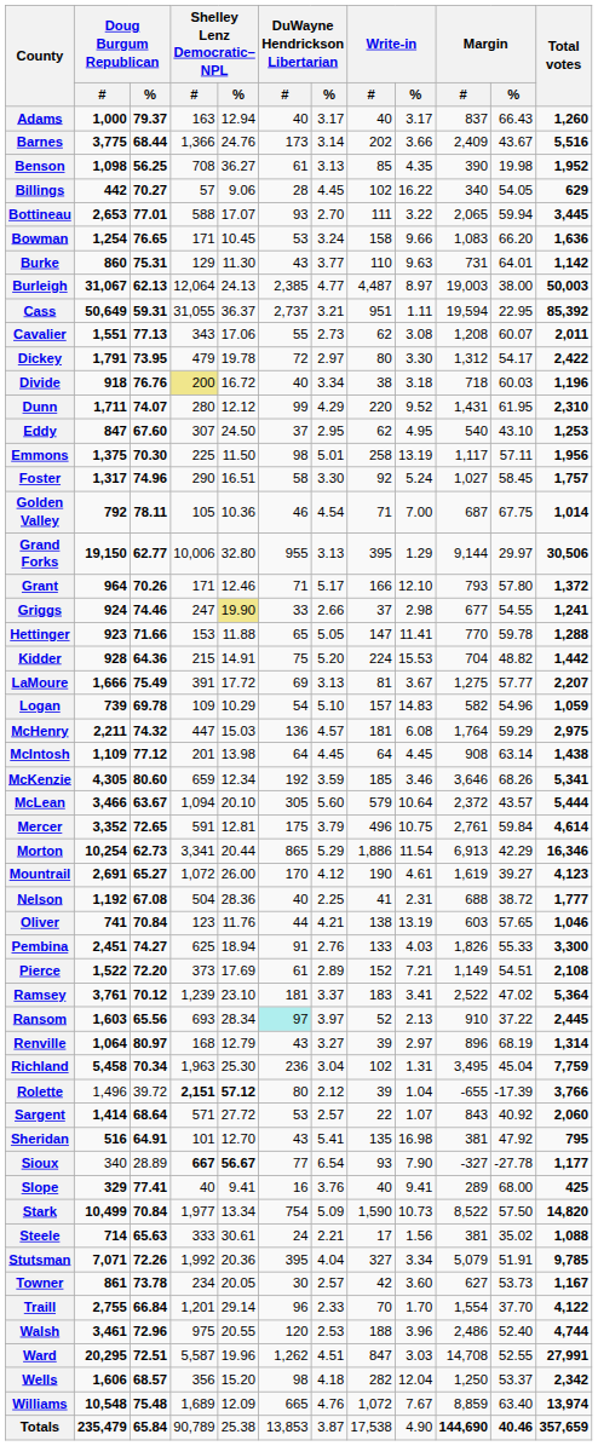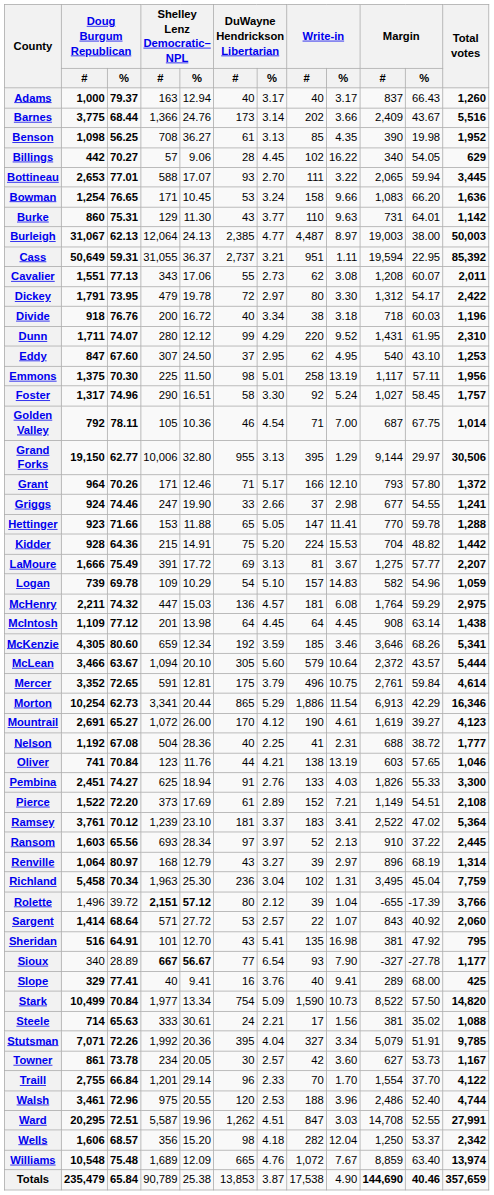 <table class="wikitable sortable" style="text-align:right;font-size:90%;line-height:1.3">
 <tr>
 <th rowspan="2">County</th>
 <th colspan="2"><a href='#'>Doug Burgum</a><br><a href='#'>Republican</a></th>
 <th colspan="2">Shelley Lenz<br><a href='#'>Democratic–NPL</a></th>
 <th colspan="2">DuWayne Hendrickson<br><a href='#'>Libertarian</a></th>
 <th colspan="2"><a href='#'>Write-in</a></th>
 <th colspan="2">Margin</th>
 <th rowspan="2">Total<br>votes</th>
 </tr>
 <tr>
 <th data-sort-type="number">#</th>
 <th data-sort-type="number">%</th>
 <th data-sort-type="number">#</th>
 <th data-sort-type="number">%</th>
 <th data-sort-type="number">#</th>
 <th data-sort-type="number">%</th>
 <th data-sort-type="number">#</th>
 <th data-sort-type="number">%</th>
 <th data-sort-type="number">#</th>
 <th data-sort-type="number">%</th>
 </tr>
 <tr>
 <th><a href='#'>Adams</a></th>
 <td><strong>1,000</strong></td>
 <td><strong>79.37</strong></td>
 <td>163</td>
 <td>12.94</td>
 <td>40</td>
 <td>3.17</td>
 <td>40</td>
 <td>3.17</td>
 <td>837</td>
 <td>66.43</td>
 <td><strong>1,260</strong></td>
 </tr>
 <tr>
 <th><a href='#'>Barnes</a></th>
 <td><strong>3,775</strong></td>
 <td><strong>68.44</strong></td>
 <td>1,366</td>
 <td>24.76</td>
 <td>173</td>
 <td>3.14</td>
 <td>202</td>
 <td>3.66</td>
 <td>2,409</td>
 <td>43.67</td>
 <td><strong>5,516</strong></td>
 </tr>
 <tr>
 <th><a href='#'>Benson</a></th>
 <td><strong>1,098</strong></td>
 <td><strong>56.25</strong></td>
 <td>708</td>
 <td>36.27</td>
 <td>61</td>
 <td>3.13</td>
 <td>85</td>
 <td>4.35</td>
 <td>390</td>
 <td>19.98</td>
 <td><strong>1,952</strong></td>
 </tr>
 <tr>
 <th><a href='#'>Billings</a></th>
 <td><strong>442</strong></td>
 <td><strong>70.27</strong></td>
 <td>57</td>
 <td>9.06</td>
 <td>28</td>
 <td>4.45</td>
 <td>102</td>
 <td>16.22</td>
 <td>340</td>
 <td>54.05</td>
 <td><strong>629</strong></td>
 </tr>
 <tr>
 <th><a href='#'>Bottineau</a></th>
 <td><strong>2,653</strong></td>
 <td><strong>77.01</strong></td>
 <td>588</td>
 <td>17.07</td>
 <td>93</td>
 <td>2.70</td>
 <td>111</td>
 <td>3.22</td>
 <td>2,065</td>
 <td>59.94</td>
 <td><strong>3,445</strong></td>
 </tr>
 <tr>
 <th><a href='#'>Bowman</a></th>
 <td><strong>1,254</strong></td>
 <td><strong>76.65</strong></td>
 <td>171</td>
 <td>10.45</td>
 <td>53</td>
 <td>3.24</td>
 <td>158</td>
 <td>9.66</td>
 <td>1,083</td>
 <td>66.20</td>
 <td><strong>1,636</strong></td>
 </tr>
 <tr>
 <th><a href='#'>Burke</a></th>
 <td><strong>860</strong></td>
 <td><strong>75.31</strong></td>
 <td>129</td>
 <td>11.30</td>
 <td>43</td>
 <td>3.77</td>
 <td>110</td>
 <td>9.63</td>
 <td>731</td>
 <td>64.01</td>
 <td><strong>1,142</strong></td>
 </tr>
 <tr>
 <th><a href='#'>Burleigh</a></th>
 <td><strong>31,067</strong></td>
 <td><strong>62.13</strong></td>
 <td>12,064</td>
 <td>24.13</td>
 <td>2,385</td>
 <td>4.77</td>
 <td>4,487</td>
 <td>8.97</td>
 <td>19,003</td>
 <td>38.00</td>
 <td><strong>50,003</strong></td>
 </tr>
 <tr>
 <th><a href='#'>Cass</a></th>
 <td><strong>50,649</strong></td>
 <td><strong>59.31</strong></td>
 <td>31,055</td>
 <td>36.37</td>
 <td>2,737</td>
 <td>3.21</td>
 <td>951</td>
 <td>1.11</td>
 <td>19,594</td>
 <td>22.95</td>
 <td><strong>85,392</strong></td>
 </tr>
 <tr>
 <th><a href='#'>Cavalier</a></th>
 <td><strong>1,551</strong></td>
 <td><strong>77.13</strong></td>
 <td>343</td>
 <td>17.06</td>
 <td>55</td>
 <td>2.73</td>
 <td>62</td>
 <td>3.08</td>
 <td>1,208</td>
 <td>60.07</td>
 <td><strong>2,011</strong></td>
 </tr>
 <tr>
 <th><a href='#'>Dickey</a></th>
 <td><strong>1,791</strong></td>
 <td><strong>73.95</strong></td>
 <td>479</td>
 <td>19.78</td>
 <td>72</td>
 <td>2.97</td>
 <td>80</td>
 <td>3.30</td>
 <td>1,312</td>
 <td>54.17</td>
 <td><strong>2,422</strong></td>
 </tr>
 <tr>
 <th><a href='#'>Divide</a></th>
 <td><strong>918</strong></td>
 <td><strong>76.76</strong></td>
-<td style="background: khaki;">200</td>
+<td>200</td>
 <td>16.72</td>
 <td>40</td>
 <td>3.34</td>
 <td>38</td>
 <td>3.18</td>
 <td>718</td>
 <td>60.03</td>
 <td><strong>1,196</strong></td>
 </tr>
 <tr>
 <th><a href='#'>Dunn</a></th>
 <td><strong>1,711</strong></td>
 <td><strong>74.07</strong></td>
 <td>280</td>
 <td>12.12</td>
 <td>99</td>
 <td>4.29</td>
 <td>220</td>
 <td>9.52</td>
 <td>1,431</td>
 <td>61.95</td>
 <td><strong>2,310</strong></td>
 </tr>
 <tr>
 <th><a href='#'>Eddy</a></th>
 <td><strong>847</strong></td>
 <td><strong>67.60</strong></td>
 <td>307</td>
 <td>24.50</td>
 <td>37</td>
 <td>2.95</td>
 <td>62</td>
 <td>4.95</td>
 <td>540</td>
 <td>43.10</td>
 <td><strong>1,253</strong></td>
 </tr>
 <tr>
 <th><a href='#'>Emmons</a></th>
 <td><strong>1,375</strong></td>
 <td><strong>70.30</strong></td>
 <td>225</td>
 <td>11.50</td>
 <td>98</td>
 <td>5.01</td>
 <td>258</td>
 <td>13.19</td>
 <td>1,117</td>
 <td>57.11</td>
 <td><strong>1,956</strong></td>
 </tr>
 <tr>
 <th><a href='#'>Foster</a></th>
 <td><strong>1,317</strong></td>
 <td><strong>74.96</strong></td>
 <td>290</td>
 <td>16.51</td>
 <td>58</td>
 <td>3.30</td>
 <td>92</td>
 <td>5.24</td>
 <td>1,027</td>
 <td>58.45</td>
 <td><strong>1,757</strong></td>
 </tr>
 <tr>
 <th><a href='#'>Golden Valley</a></th>
 <td><strong>792</strong></td>
 <td><strong>78.11</strong></td>
 <td>105</td>
 <td>10.36</td>
 <td>46</td>
 <td>4.54</td>
 <td>71</td>
 <td>7.00</td>
 <td>687</td>
 <td>67.75</td>
 <td><strong>1,014</strong></td>
 </tr>
 <tr>
 <th><a href='#'>Grand Forks</a></th>
 <td><strong>19,150</strong></td>
 <td><strong>62.77</strong></td>
 <td>10,006</td>
 <td>32.80</td>
 <td>955</td>
 <td>3.13</td>
 <td>395</td>
 <td>1.29</td>
 <td>9,144</td>
 <td>29.97</td>
 <td><strong>30,506</strong></td>
 </tr>
 <tr>
 <th><a href='#'>Grant</a></th>
 <td><strong>964</strong></td>
 <td><strong>70.26</strong></td>
 <td>171</td>
 <td>12.46</td>
 <td>71</td>
 <td>5.17</td>
 <td>166</td>
 <td>12.10</td>
 <td>793</td>
 <td>57.80</td>
 <td><strong>1,372</strong></td>
 </tr>
 <tr>
 <th><a href='#'>Griggs</a></th>
 <td><strong>924</strong></td>
 <td><strong>74.46</strong></td>
 <td>247</td>
-<td style="background: khaki;">19.90</td>
+<td>19.90</td>
 <td>33</td>
 <td>2.66</td>
 <td>37</td>
 <td>2.98</td>
 <td>677</td>
 <td>54.55</td>
 <td><strong>1,241</strong></td>
 </tr>
 <tr>
 <th><a href='#'>Hettinger</a></th>
 <td><strong>923</strong></td>
 <td><strong>71.66</strong></td>
 <td>153</td>
 <td>11.88</td>
 <td>65</td>
 <td>5.05</td>
 <td>147</td>
 <td>11.41</td>
 <td>770</td>
 <td>59.78</td>
 <td><strong>1,288</strong></td>
 </tr>
 <tr>
 <th><a href='#'>Kidder</a></th>
 <td><strong>928</strong></td>
 <td><strong>64.36</strong></td>
 <td>215</td>
 <td>14.91</td>
 <td>75</td>
 <td>5.20</td>
 <td>224</td>
 <td>15.53</td>
 <td>704</td>
 <td>48.82</td>
 <td><strong>1,442</strong></td>
 </tr>
 <tr>
 <th><a href='#'>LaMoure</a></th>
 <td><strong>1,666</strong></td>
 <td><strong>75.49</strong></td>
 <td>391</td>
 <td>17.72</td>
 <td>69</td>
 <td>3.13</td>
 <td>81</td>
 <td>3.67</td>
 <td>1,275</td>
 <td>57.77</td>
 <td><strong>2,207</strong></td>
 </tr>
 <tr>
 <th><a href='#'>Logan</a></th>
 <td><strong>739</strong></td>
 <td><strong>69.78</strong></td>
 <td>109</td>
 <td>10.29</td>
 <td>54</td>
 <td>5.10</td>
 <td>157</td>
 <td>14.83</td>
 <td>582</td>
 <td>54.96</td>
 <td><strong>1,059</strong></td>
 </tr>
 <tr>
 <th><a href='#'>McHenry</a></th>
 <td><strong>2,211</strong></td>
 <td><strong>74.32</strong></td>
 <td>447</td>
 <td>15.03</td>
 <td>136</td>
 <td>4.57</td>
 <td>181</td>
 <td>6.08</td>
 <td>1,764</td>
 <td>59.29</td>
 <td><strong>2,975</strong></td>
 </tr>
 <tr>
 <th><a href='#'>McIntosh</a></th>
 <td><strong>1,109</strong></td>
 <td><strong>77.12</strong></td>
 <td>201</td>
 <td>13.98</td>
 <td>64</td>
 <td>4.45</td>
 <td>64</td>
 <td>4.45</td>
 <td>908</td>
 <td>63.14</td>
 <td><strong>1,438</strong></td>
 </tr>
 <tr>
 <th><a href='#'>McKenzie</a></th>
 <td><strong>4,305</strong></td>
 <td><strong>80.60</strong></td>
 <td>659</td>
 <td>12.34</td>
 <td>192</td>
 <td>3.59</td>
 <td>185</td>
 <td>3.46</td>
 <td>3,646</td>
 <td>68.26</td>
 <td><strong>5,341</strong></td>
 </tr>
 <tr>
 <th><a href='#'>McLean</a></th>
 <td><strong>3,466</strong></td>
 <td><strong>63.67</strong></td>
 <td>1,094</td>
 <td>20.10</td>
 <td>305</td>
 <td>5.60</td>
 <td>579</td>
 <td>10.64</td>
 <td>2,372</td>
 <td>43.57</td>
 <td><strong>5,444</strong></td>
 </tr>
 <tr>
 <th><a href='#'>Mercer</a></th>
 <td><strong>3,352</strong></td>
 <td><strong>72.65</strong></td>
 <td>591</td>
 <td>12.81</td>
 <td>175</td>
 <td>3.79</td>
 <td>496</td>
 <td>10.75</td>
 <td>2,761</td>
 <td>59.84</td>
 <td><strong>4,614</strong></td>
 </tr>
 <tr>
 <th><a href='#'>Morton</a></th>
 <td><strong>10,254</strong></td>
 <td><strong>62.73</strong></td>
 <td>3,341</td>
 <td>20.44</td>
 <td>865</td>
 <td>5.29</td>
 <td>1,886</td>
 <td>11.54</td>
 <td>6,913</td>
 <td>42.29</td>
 <td><strong>16,346</strong></td>
 </tr>
 <tr>
 <th><a href='#'>Mountrail</a></th>
 <td><strong>2,691</strong></td>
 <td><strong>65.27</strong></td>
 <td>1,072</td>
 <td>26.00</td>
 <td>170</td>
 <td>4.12</td>
 <td>190</td>
 <td>4.61</td>
 <td>1,619</td>
 <td>39.27</td>
 <td><strong>4,123</strong></td>
 </tr>
 <tr>
 <th><a href='#'>Nelson</a></th>
 <td><strong>1,192</strong></td>
 <td><strong>67.08</strong></td>
 <td>504</td>
 <td>28.36</td>
 <td>40</td>
 <td>2.25</td>
 <td>41</td>
 <td>2.31</td>
 <td>688</td>
 <td>38.72</td>
 <td><strong>1,777</strong></td>
 </tr>
 <tr>
 <th><a href='#'>Oliver</a></th>
 <td><strong>741</strong></td>
 <td><strong>70.84</strong></td>
 <td>123</td>
 <td>11.76</td>
 <td>44</td>
 <td>4.21</td>
 <td>138</td>
 <td>13.19</td>
 <td>603</td>
 <td>57.65</td>
 <td><strong>1,046</strong></td>
 </tr>
 <tr>
 <th><a href='#'>Pembina</a></th>
 <td><strong>2,451</strong></td>
 <td><strong>74.27</strong></td>
 <td>625</td>
 <td>18.94</td>
 <td>91</td>
 <td>2.76</td>
 <td>133</td>
 <td>4.03</td>
 <td>1,826</td>
 <td>55.33</td>
 <td><strong>3,300</strong></td>
 </tr>
 <tr>
 <th><a href='#'>Pierce</a></th>
 <td><strong>1,522</strong></td>
 <td><strong>72.20</strong></td>
 <td>373</td>
 <td>17.69</td>
 <td>61</td>
 <td>2.89</td>
 <td>152</td>
 <td>7.21</td>
 <td>1,149</td>
 <td>54.51</td>
 <td><strong>2,108</strong></td>
 </tr>
 <tr>
 <th><a href='#'>Ramsey</a></th>
 <td><strong>3,761</strong></td>
 <td><strong>70.12</strong></td>
 <td>1,239</td>
 <td>23.10</td>
 <td>181</td>
 <td>3.37</td>
 <td>183</td>
 <td>3.41</td>
 <td>2,522</td>
 <td>47.02</td>
 <td><strong>5,364</strong></td>
 </tr>
 <tr>
 <th><a href='#'>Ransom</a></th>
 <td><strong>1,603</strong></td>
 <td><strong>65.56</strong></td>
 <td>693</td>
 <td>28.34</td>
-<td style="background: paleturquoise;">97</td>
+<td>97</td>
 <td>3.97</td>
 <td>52</td>
 <td>2.13</td>
 <td>910</td>
 <td>37.22</td>
 <td><strong>2,445</strong></td>
 </tr>
 <tr>
 <th><a href='#'>Renville</a></th>
 <td><strong>1,064</strong></td>
 <td><strong>80.97</strong></td>
 <td>168</td>
 <td>12.79</td>
 <td>43</td>
 <td>3.27</td>
 <td>39</td>
 <td>2.97</td>
 <td>896</td>
 <td>68.19</td>
 <td><strong>1,314</strong></td>
 </tr>
 <tr>
 <th><a href='#'>Richland</a></th>
 <td><strong>5,458</strong></td>
 <td><strong>70.34</strong></td>
 <td>1,963</td>
 <td>25.30</td>
 <td>236</td>
 <td>3.04</td>
 <td>102</td>
 <td>1.31</td>
 <td>3,495</td>
 <td>45.04</td>
 <td><strong>7,759</strong></td>
 </tr>
 <tr>
 <th><a href='#'>Rolette</a></th>
 <td>1,496</td>
 <td>39.72</td>
 <td><strong>2,151</strong></td>
 <td><strong>57.12</strong></td>
 <td>80</td>
 <td>2.12</td>
 <td>39</td>
 <td>1.04</td>
 <td>-655</td>
 <td>-17.39</td>
 <td><strong>3,766</strong></td>
 </tr>
 <tr>
 <th><a href='#'>Sargent</a></th>
 <td><strong>1,414</strong></td>
 <td><strong>68.64</strong></td>
 <td>571</td>
 <td>27.72</td>
 <td>53</td>
 <td>2.57</td>
 <td>22</td>
 <td>1.07</td>
 <td>843</td>
 <td>40.92</td>
 <td><strong>2,060</strong></td>
 </tr>
 <tr>
 <th><a href='#'>Sheridan</a></th>
 <td><strong>516</strong></td>
 <td><strong>64.91</strong></td>
 <td>101</td>
 <td>12.70</td>
 <td>43</td>
 <td>5.41</td>
 <td>135</td>
 <td>16.98</td>
 <td>381</td>
 <td>47.92</td>
 <td><strong>795</strong></td>
 </tr>
 <tr>
 <th><a href='#'>Sioux</a></th>
 <td>340</td>
 <td>28.89</td>
 <td><strong>667</strong></td>
 <td><strong>56.67</strong></td>
 <td>77</td>
 <td>6.54</td>
 <td>93</td>
 <td>7.90</td>
 <td>-327</td>
 <td>-27.78</td>
 <td><strong>1,177</strong></td>
 </tr>
 <tr>
 <th><a href='#'>Slope</a></th>
 <td><strong>329</strong></td>
 <td><strong>77.41</strong></td>
 <td>40</td>
 <td>9.41</td>
 <td>16</td>
 <td>3.76</td>
 <td>40</td>
 <td>9.41</td>
 <td>289</td>
 <td>68.00</td>
 <td><strong>425</strong></td>
 </tr>
 <tr>
 <th><a href='#'>Stark</a></th>
 <td><strong>10,499</strong></td>
 <td><strong>70.84</strong></td>
 <td>1,977</td>
 <td>13.34</td>
 <td>754</td>
 <td>5.09</td>
 <td>1,590</td>
 <td>10.73</td>
 <td>8,522</td>
 <td>57.50</td>
 <td><strong>14,820</strong></td>
 </tr>
 <tr>
 <th><a href='#'>Steele</a></th>
 <td><strong>714</strong></td>
 <td><strong>65.63</strong></td>
 <td>333</td>
 <td>30.61</td>
 <td>24</td>
 <td>2.21</td>
 <td>17</td>
 <td>1.56</td>
 <td>381</td>
 <td>35.02</td>
 <td><strong>1,088</strong></td>
 </tr>
 <tr>
 <th><a href='#'>Stutsman</a></th>
 <td><strong>7,071</strong></td>
 <td><strong>72.26</strong></td>
 <td>1,992</td>
 <td>20.36</td>
 <td>395</td>
 <td>4.04</td>
 <td>327</td>
 <td>3.34</td>
 <td>5,079</td>
 <td>51.91</td>
 <td><strong>9,785</strong></td>
 </tr>
 <tr>
 <th><a href='#'>Towner</a></th>
 <td><strong>861</strong></td>
 <td><strong>73.78</strong></td>
 <td>234</td>
 <td>20.05</td>
 <td>30</td>
 <td>2.57</td>
 <td>42</td>
 <td>3.60</td>
 <td>627</td>
 <td>53.73</td>
 <td><strong>1,167</strong></td>
 </tr>
 <tr>
 <th><a href='#'>Traill</a></th>
 <td><strong>2,755</strong></td>
 <td><strong>66.84</strong></td>
 <td>1,201</td>
 <td>29.14</td>
 <td>96</td>
 <td>2.33</td>
 <td>70</td>
 <td>1.70</td>
 <td>1,554</td>
 <td>37.70</td>
 <td><strong>4,122</strong></td>
 </tr>
 <tr>
 <th><a href='#'>Walsh</a></th>
 <td><strong>3,461</strong></td>
 <td><strong>72.96</strong></td>
 <td>975</td>
 <td>20.55</td>
 <td>120</td>
 <td>2.53</td>
 <td>188</td>
 <td>3.96</td>
 <td>2,486</td>
 <td>52.40</td>
 <td><strong>4,744</strong></td>
 </tr>
 <tr>
 <th><a href='#'>Ward</a></th>
 <td><strong>20,295</strong></td>
 <td><strong>72.51</strong></td>
 <td>5,587</td>
 <td>19.96</td>
 <td>1,262</td>
 <td>4.51</td>
 <td>847</td>
 <td>3.03</td>
 <td>14,708</td>
 <td>52.55</td>
 <td><strong>27,991</strong></td>
 </tr>
 <tr>
 <th><a href='#'>Wells</a></th>
 <td><strong>1,606</strong></td>
 <td><strong>68.57</strong></td>
 <td>356</td>
 <td>15.20</td>
 <td>98</td>
 <td>4.18</td>
 <td>282</td>
 <td>12.04</td>
 <td>1,250</td>
 <td>53.37</td>
 <td><strong>2,342</strong></td>
 </tr>
 <tr>
 <th><a href='#'>Williams</a></th>
 <td><strong>10,548</strong></td>
 <td><strong>75.48</strong></td>
 <td>1,689</td>
 <td>12.09</td>
 <td>665</td>
 <td>4.76</td>
 <td>1,072</td>
 <td>7.67</td>
 <td>8,859</td>
 <td>63.40</td>
 <td><strong>13,974</strong></td>
 </tr>
 <tr class="sortbottom">
 <th>Totals</th>
 <td><strong>235,479</strong></td>
 <td><strong>65.84</strong></td>
 <td>90,789</td>
 <td>25.38</td>
 <td>13,853</td>
 <td>3.87</td>
 <td>17,538</td>
 <td>4.90</td>
 <td><strong>144,690</strong></td>
 <td><strong>40.46</strong></td>
 <td><strong>357,659</strong></td>
 </tr>
 </table>
